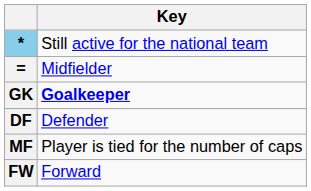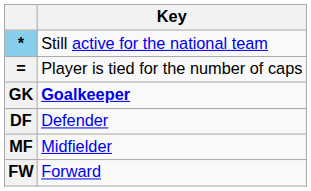 <table class="wikitable">
 <tr>
 <th></th>
 <th style="align: left">Key</th>
 </tr>
 <tr>
 <th scope=col style="background:#87CEEB;">*</th>
 <td>Still <a href='#'>active for the national team</a></td>
 </tr>
 <tr>
 <th scope=col>=</th>
-<td><a href='#'>Midfielder</a></td>
+<td>Player is tied for the number of caps</td>
 </tr>
 <tr>
 <th scope=col>GK</th>
 <td><strong><a href='#'>Goalkeeper</a></strong></td>
 </tr>
 <tr>
 </tr>
 <tr>
 <th scope=col>DF</th>
 <td><a href='#'>Defender</a></td>
 </tr>
 <tr>
 <th scope=col>MF</th>
-<td>Player is tied for the number of caps</td>
+<td><a href='#'>Midfielder</a></td>
 </tr>
 <tr>
 <th scope=col>FW</th>
 <td><a href='#'>Forward</a></td>
 </tr>
 </table>
